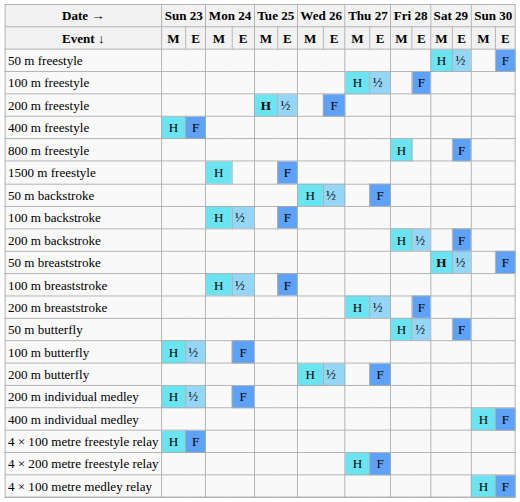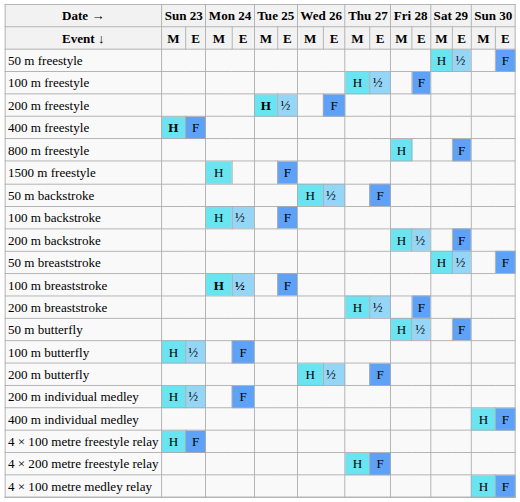 <table class="wikitable" style="margin:0.5em auto; font-size:95%; line-height:1.25em;">
 <tr style="text-align:center;">
 <th>Date →</th>
 <th colspan="2">Sun 23</th>
 <th colspan="2">Mon 24</th>
 <th colspan="2">Tue 25</th>
 <th colspan="2">Wed 26</th>
 <th colspan="2">Thu 27</th>
 <th colspan="2">Fri 28</th>
 <th colspan="2">Sat 29</th>
 <th colspan="2">Sun 30</th>
 </tr>
 <tr>
 <th>Event ↓</th>
 <th>M</th>
 <th>E</th>
 <th>M</th>
 <th>E</th>
 <th>M</th>
 <th>E</th>
 <th>M</th>
 <th>E</th>
 <th>M</th>
 <th>E</th>
 <th>M</th>
 <th>E</th>
 <th>M</th>
 <th>E</th>
 <th>M</th>
 <th>E</th>
 </tr>
 <tr>
 <td class=event>50 m freestyle</td>
 <td colspan=2></td>
 <td colspan=2></td>
 <td colspan=2></td>
 <td colspan=2></td>
 <td colspan=2></td>
 <td colspan=2></td>
 <td style="background-color:#6be4f2; text-align:center;">H</td>
 <td style="background-color:#95d6f7;">½</td>
 <td></td>
 <td style="background-color:#5ea2f7; text-align:center;">F</td>
 </tr>
 <tr>
 <td class=event>100 m freestyle</td>
 <td colspan=2></td>
 <td colspan=2></td>
 <td colspan=2></td>
 <td colspan=2></td>
 <td style="background-color:#6be4f2; text-align:center;">H</td>
 <td style="background-color:#95d6f7;">½</td>
 <td></td>
 <td style="background-color:#5ea2f7; text-align:center;">F</td>
 <td colspan=2></td>
 <td colspan=2></td>
 </tr>
 <tr>
 <td class=event>200 m freestyle</td>
 <td colspan=2></td>
 <td colspan=2></td>
 <td style="background-color:#6be4f2; text-align:center;"><strong>H</strong></td>
 <td style="background-color:#95d6f7;">½</td>
 <td></td>
 <td style="background-color:#5ea2f7; text-align:center;">F</td>
 <td colspan=2></td>
 <td colspan=2></td>
 <td colspan=2></td>
 <td colspan=2></td>
 </tr>
 <tr>
 <td class=event>400 m freestyle</td>
-<td style="background-color:#6be4f2; text-align:center;">H</td>
+<td style="background-color:#6be4f2; text-align:center;"><strong>H</strong></td>
 <td style="background-color:#5ea2f7; text-align:center;">F</td>
 <td colspan=2></td>
 <td colspan=2></td>
 <td colspan=2></td>
 <td colspan=2></td>
 <td colspan=2></td>
 <td colspan=2></td>
 </tr>
 <tr>
 <td class=event>800 m freestyle</td>
 <td colspan=2></td>
 <td colspan=2></td>
 <td colspan=2></td>
 <td colspan=2></td>
 <td colspan=2></td>
 <td style="background-color:#6be4f2; text-align:center;">H</td>
 <td></td>
 <td></td>
 <td style="background-color:#5ea2f7; text-align:center;">F</td>
 <td colspan=2></td>
 </tr>
 <tr>
 <td class=event>1500 m freestyle</td>
 <td colspan=2></td>
 <td style="background-color:#6be4f2; text-align:center;">H</td>
 <td></td>
 <td></td>
 <td style="background-color:#5ea2f7; text-align:center;">F</td>
 <td colspan=2></td>
 <td colspan=2></td>
 <td colspan=2></td>
 <td colspan=2></td>
 <td colspan=2></td>
 </tr>
 <tr>
 <td class=event>50 m backstroke</td>
 <td colspan=2></td>
 <td colspan=2></td>
 <td colspan=2></td>
 <td style="background-color:#6be4f2; text-align:center;">H</td>
 <td style="background-color:#95d6f7;">½</td>
 <td></td>
 <td style="background-color:#5ea2f7; text-align:center;">F</td>
 <td colspan=2></td>
 <td colspan=2></td>
 <td colspan=2></td>
 </tr>
 <tr>
 <td class=event>100 m backstroke</td>
 <td colspan=2></td>
 <td style="background-color:#6be4f2; text-align:center;">H</td>
 <td style="background-color:#95d6f7;">½</td>
 <td></td>
 <td style="background-color:#5ea2f7; text-align:center;">F</td>
 <td colspan=2></td>
 <td colspan=2></td>
 <td colspan=2></td>
 <td colspan=2></td>
 <td colspan=2></td>
 </tr>
 <tr>
 <td class=event>200 m backstroke</td>
 <td colspan=2></td>
 <td colspan=2></td>
 <td colspan=2></td>
 <td colspan=2></td>
 <td colspan=2></td>
 <td style="background-color:#6be4f2; text-align:center;">H</td>
 <td style="background-color:#95d6f7;">½</td>
 <td></td>
 <td style="background-color:#5ea2f7; text-align:center;">F</td>
 <td colspan=2></td>
 </tr>
 <tr>
 <td class=event>50 m breaststroke</td>
 <td colspan=2></td>
 <td colspan=2></td>
 <td colspan=2></td>
 <td colspan=2></td>
 <td colspan=2></td>
 <td colspan=2></td>
-<td style="background-color:#6be4f2; text-align:center;"><strong>H</strong></td>
+<td style="background-color:#6be4f2; text-align:center;">H</td>
 <td style="background-color:#95d6f7;">½</td>
 <td></td>
 <td style="background-color:#5ea2f7; text-align:center;">F</td>
 </tr>
 <tr>
 <td class=event>100 m breaststroke</td>
 <td colspan=2></td>
-<td style="background-color:#6be4f2; text-align:center;">H</td>
-<td style="background-color:#95d6f7;">½</td>
+<td style="background-color:#6be4f2; text-align:center;"><strong>H</strong></td>
+<td style="background-color:#95d6f7;"><strong>½</strong></td>
 <td></td>
 <td style="background-color:#5ea2f7; text-align:center;">F</td>
 <td colspan=2></td>
 <td colspan=2></td>
 <td colspan=2></td>
 <td colspan=2></td>
 <td colspan=2></td>
 </tr>
 <tr>
 <td class=event>200 m breaststroke</td>
 <td colspan=2></td>
 <td colspan=2></td>
 <td colspan=2></td>
 <td colspan=2></td>
 <td style="background-color:#6be4f2; text-align:center;">H</td>
 <td style="background-color:#95d6f7;">½</td>
 <td></td>
 <td style="background-color:#5ea2f7; text-align:center;">F</td>
 <td colspan=2></td>
 <td colspan=2></td>
 </tr>
 <tr>
 <td class=event>50 m butterfly</td>
 <td colspan=2></td>
 <td colspan=2></td>
 <td colspan=2></td>
 <td colspan=2></td>
 <td colspan=2></td>
 <td style="background-color:#6be4f2; text-align:center;">H</td>
 <td style="background-color:#95d6f7;">½</td>
 <td></td>
 <td style="background-color:#5ea2f7; text-align:center;">F</td>
 <td colspan=2></td>
 </tr>
 <tr>
 <td class=event>100 m butterfly</td>
 <td style="background-color:#6be4f2; text-align:center;">H</td>
 <td style="background-color:#95d6f7;">½</td>
 <td></td>
 <td style="background-color:#5ea2f7; text-align:center;">F</td>
 <td colspan=2></td>
 <td colspan=2></td>
 <td colspan=2></td>
 <td colspan=2></td>
 <td colspan=2></td>
 <td colspan=2></td>
 </tr>
 <tr>
 <td class=event>200 m butterfly</td>
 <td colspan=2></td>
 <td colspan=2></td>
 <td colspan=2></td>
 <td style="background-color:#6be4f2; text-align:center;">H</td>
 <td style="background-color:#95d6f7;">½</td>
 <td></td>
 <td style="background-color:#5ea2f7; text-align:center;">F</td>
 <td colspan=2></td>
 <td colspan=2></td>
 <td colspan=2></td>
 </tr>
 <tr>
 <td class=event>200 m individual medley</td>
 <td style="background-color:#6be4f2; text-align:center;">H</td>
 <td style="background-color:#95d6f7;">½</td>
 <td></td>
 <td style="background-color:#5ea2f7; text-align:center;">F</td>
 <td colspan=2></td>
 <td colspan=2></td>
 <td colspan=2></td>
 <td colspan=2></td>
 <td colspan=2></td>
 <td colspan=2></td>
 </tr>
 <tr>
 <td class=event>400 m individual medley</td>
 <td colspan=2></td>
 <td colspan=2></td>
 <td colspan=2></td>
 <td colspan=2></td>
 <td colspan=2></td>
 <td colspan=2></td>
 <td colspan=2></td>
 <td style="background-color:#6be4f2; text-align:center;">H</td>
 <td style="background-color:#5ea2f7; text-align:center;">F</td>
 </tr>
 <tr>
 <td class=event>4 × 100 metre freestyle relay</td>
 <td style="background-color:#6be4f2; text-align:center;">H</td>
 <td style="background-color:#5ea2f7; text-align:center;">F</td>
 <td colspan=2></td>
 <td colspan=2></td>
 <td colspan=2></td>
 <td colspan=2></td>
 <td colspan=2></td>
 <td colspan=2></td>
 <td colspan=2></td>
 </tr>
 <tr>
 <td class=event>4 × 200 metre freestyle relay</td>
 <td colspan=2></td>
 <td colspan=2></td>
 <td colspan=2></td>
 <td colspan=2></td>
 <td style="background-color:#6be4f2; text-align:center;">H</td>
 <td style="background-color:#5ea2f7; text-align:center;">F</td>
 <td colspan=2></td>
 <td colspan=2></td>
 <td colspan=2></td>
 </tr>
 <tr>
 <td class=event>4 × 100 metre medley relay</td>
 <td colspan=2></td>
 <td colspan=2></td>
 <td colspan=2></td>
 <td colspan=2></td>
 <td colspan=2></td>
 <td colspan=2></td>
 <td colspan=2></td>
 <td style="background-color:#6be4f2; text-align:center;">H</td>
 <td style="background-color:#5ea2f7; text-align:center;">F</td>
 </tr>
 <tr>
 </tr>
 </table>
